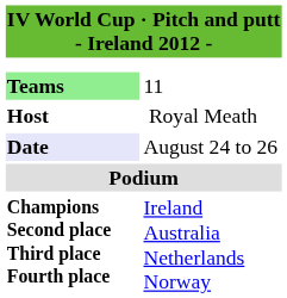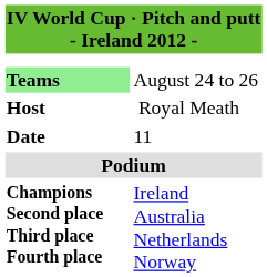 <table class="toccolours" style="float: right; margin: 0 0 1em 1em; font-size: 90%;">
 <tr>
 <td colspan="2" style="background: #66bb33; text-align: center;"><strong>IV World Cup · Pitch and putt<br>- Ireland 2012 -</strong></td>
 </tr>
 <tr>
 <td colspan="2" style="text-align: center;"></td>
 </tr>
 <tr style="vertical-align:top;">
 <td colspan=2></td>
 </tr>
 <tr style="vertical-align:top;">
 <td width=90 style="background: lightgreen;"><strong>Teams</strong></td>
-<td>11</td>
+<td>August 24 to 26</td>
 </tr>
 <tr style="vertical-align:top;">
 <td><strong>Host</strong></td>
 <td> Royal Meath</td>
 </tr>
 <tr style="vertical-align:top;">
-<td style="background: lavender;"><strong>Date</strong></td>
-<td>August 24 to 26</td>
+<td><strong>Date</strong></td>
+<td>11</td>
 </tr>
 <tr>
 <td colspan="2" style="background: #dedede; text-align: center;"><strong>Podium</strong></td>
 </tr>
 <tr style="vertical-align:top;">
 <td style=font-size:90%> <strong>Champions</strong><br> <strong>Second place</strong><br> <strong>Third place</strong><br><strong>Fourth place</strong></td>
 <td> <a href='#'>Ireland</a><br> <a href='#'>Australia</a><br> <a href='#'>Netherlands</a><br> <a href='#'>Norway</a></td>
 </tr>
 </table>
